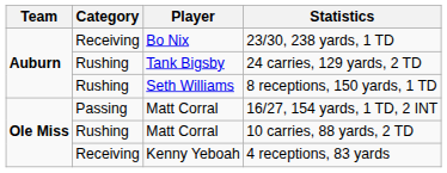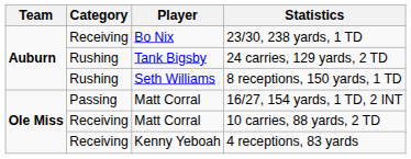 <table class="wikitable" style="float: right;">
 <tr>
 <th>Team</th>
 <th>Category</th>
 <th>Player</th>
 <th>Statistics</th>
 </tr>
 <tr>
 <td rowspan=3><strong>Auburn</strong></td>
 <td>Receiving</td>
 <td><a href='#'>Bo Nix</a></td>
 <td>23/30, 238 yards, 1 TD</td>
 </tr>
 <tr>
 <td>Rushing</td>
 <td><a href='#'>Tank Bigsby</a></td>
 <td>24 carries, 129 yards, 2 TD</td>
 </tr>
 <tr>
 <td>Rushing</td>
 <td><a href='#'>Seth Williams</a></td>
 <td>8 receptions, 150 yards, 1 TD</td>
 </tr>
 <tr>
 <td rowspan=3><strong>Ole Miss</strong></td>
 <td>Passing</td>
 <td>Matt Corral</td>
 <td>16/27, 154 yards, 1 TD, 2 INT</td>
 </tr>
 <tr>
-<td>Rushing</td>
+<td>Receiving</td>
 <td>Matt Corral</td>
 <td>10 carries, 88 yards, 2 TD</td>
 </tr>
 <tr>
 <td>Receiving</td>
 <td>Kenny Yeboah</td>
 <td>4 receptions, 83 yards</td>
 </tr>
 </table>
